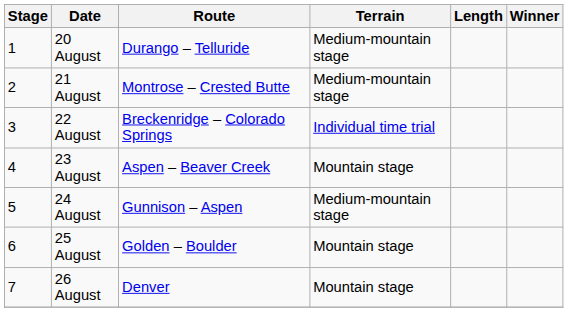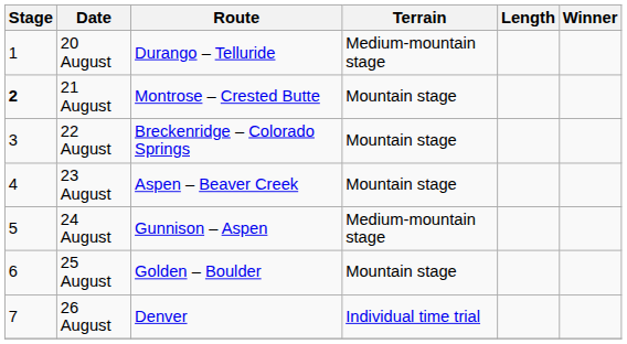 <table class="wikitable">
 <tr>
 <th>Stage</th>
 <th>Date</th>
 <th>Route</th>
 <th>Terrain</th>
 <th>Length</th>
 <th>Winner</th>
 </tr>
 <tr>
 <td style="align:center;">1</td>
 <td>20 August</td>
 <td><a href='#'>Durango</a> – <a href='#'>Telluride</a></td>
 <td> Medium-mountain stage</td>
 <td></td>
 <td></td>
 </tr>
 <tr>
-<td style="align:center;">2</td>
+<td style="align:center;"><strong>2</strong></td>
 <td>21 August</td>
 <td><a href='#'>Montrose</a> – <a href='#'>Crested Butte</a></td>
-<td> Medium-mountain stage</td>
+<td> Mountain stage</td>
 <td></td>
 <td></td>
 </tr>
 <tr>
 <td style="align:center;">3</td>
 <td>22 August</td>
 <td><a href='#'>Breckenridge</a> – <a href='#'>Colorado Springs</a></td>
-<td> <a href='#'>Individual time trial</a></td>
+<td> Mountain stage</td>
 <td></td>
 <td></td>
 </tr>
 <tr>
 <td style="align:center;">4</td>
 <td>23 August</td>
 <td><a href='#'>Aspen</a> – <a href='#'>Beaver Creek</a></td>
 <td> Mountain stage</td>
 <td></td>
 <td></td>
 </tr>
 <tr>
 <td style="align:center;">5</td>
 <td>24 August</td>
 <td><a href='#'>Gunnison</a> – <a href='#'>Aspen</a></td>
 <td> Medium-mountain stage</td>
 <td></td>
 <td></td>
 </tr>
 <tr>
 <td style="align:center;">6</td>
 <td>25 August</td>
 <td><a href='#'>Golden</a> – <a href='#'>Boulder</a></td>
 <td> Mountain stage</td>
 <td></td>
 <td></td>
 </tr>
 <tr>
 <td style="align:center;">7</td>
 <td>26 August</td>
 <td><a href='#'>Denver</a></td>
-<td> Mountain stage</td>
+<td> <a href='#'>Individual time trial</a></td>
 <td></td>
 <td></td>
 </tr>
 <tr>
 </tr>
 </table>
